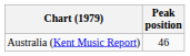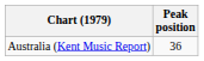 <table class="wikitable">
 <tr>
 <th scope="col">Chart (1979)</th>
 <th>Peak<br>position</th>
 </tr>
 <tr>
 <td>Australia (<a href='#'>Kent Music Report</a>)</td>
-<td style="text-align:center;">46</td>
+<td style="text-align:center;">36</td>
 </tr>
 </table>
